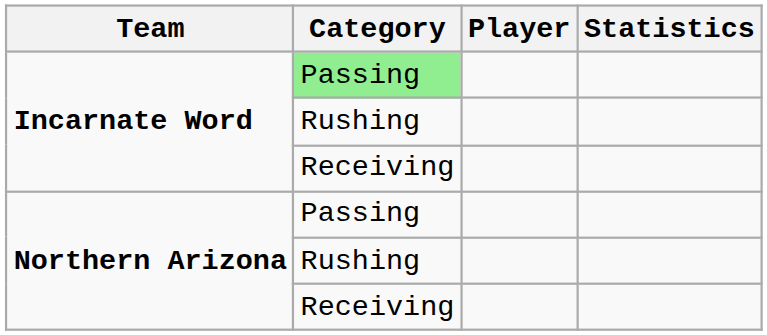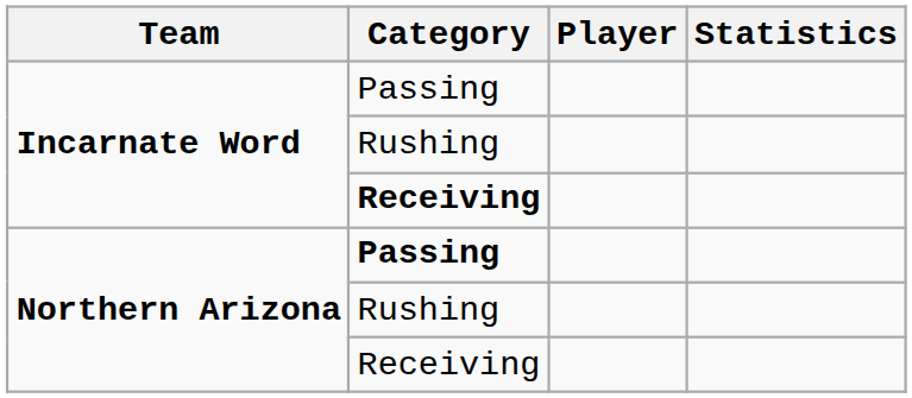 <table class="wikitable" style="float: right;">
 <tr>
 <th>Team</th>
 <th>Category</th>
 <th>Player</th>
 <th>Statistics</th>
 </tr>
 <tr>
 <td rowspan=3><strong>Incarnate Word</strong></td>
-<td style="background: lightgreen;">Passing</td>
+<td>Passing</td>
 <td></td>
 <td></td>
 </tr>
 <tr>
 <td>Rushing</td>
 <td></td>
 <td></td>
 </tr>
 <tr>
-<td>Receiving</td>
+<td><strong>Receiving</strong></td>
 <td></td>
 <td></td>
 </tr>
 <tr>
 <td rowspan=3><strong>Northern Arizona</strong></td>
-<td>Passing</td>
+<td><strong>Passing</strong></td>
 <td></td>
 <td></td>
 </tr>
 <tr>
 <td>Rushing</td>
 <td></td>
 <td></td>
 </tr>
 <tr>
 <td>Receiving</td>
 <td></td>
 <td></td>
 </tr>
 </table>
